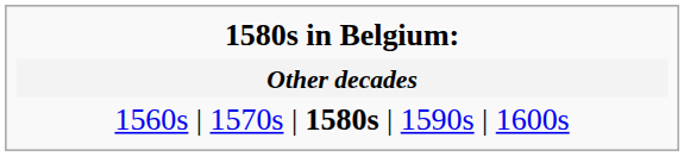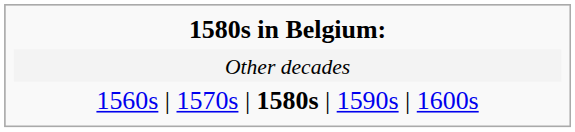 <table class="infobox" width=350>
 <tr>
 <td align="center"> <strong>1580s in Belgium:</strong> </td>
 </tr>
 <tr style="background-color:#f3f3f3">
-<td align="center"><strong><small><em>Other decades</em></small></strong></td>
+<td align="center"><small><em>Other decades</em></small></td>
 </tr>
 <tr>
 <td align="center"><a href='#'>1560s</a> | <a href='#'>1570s</a> | <strong>1580s</strong> | <a href='#'>1590s</a> | <a href='#'>1600s</a></td>
 </tr>
 </table>
